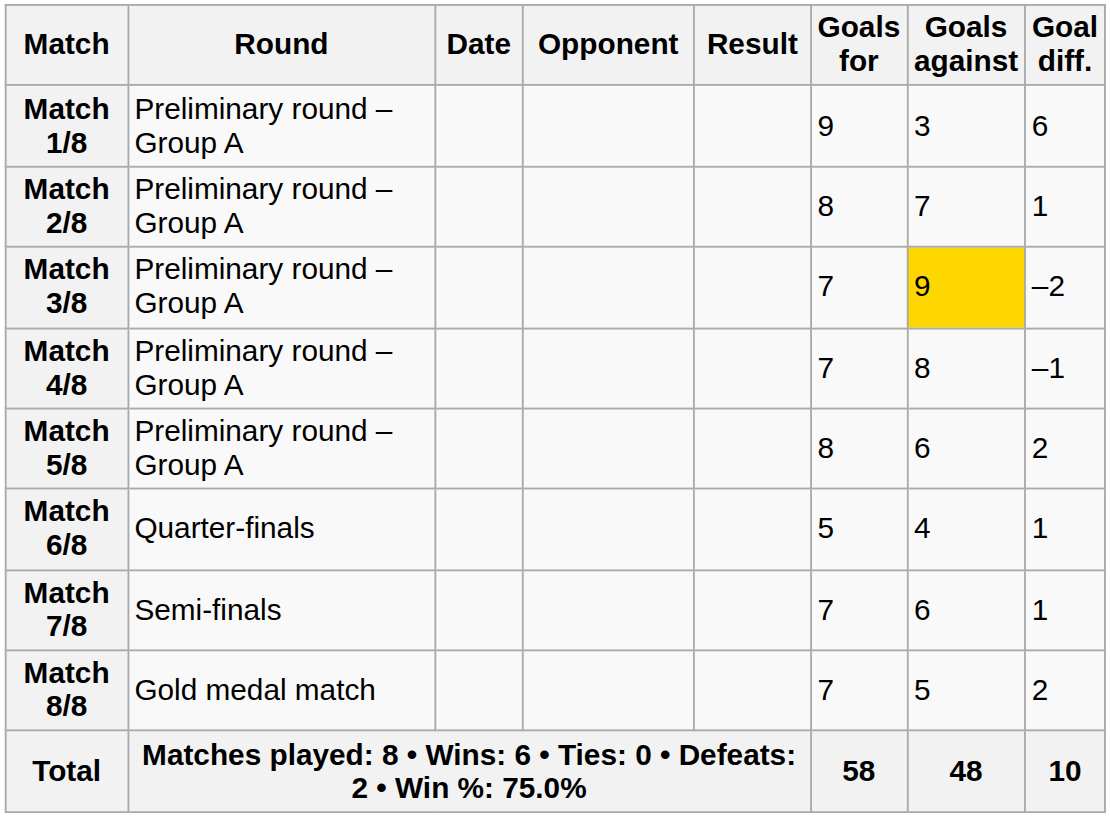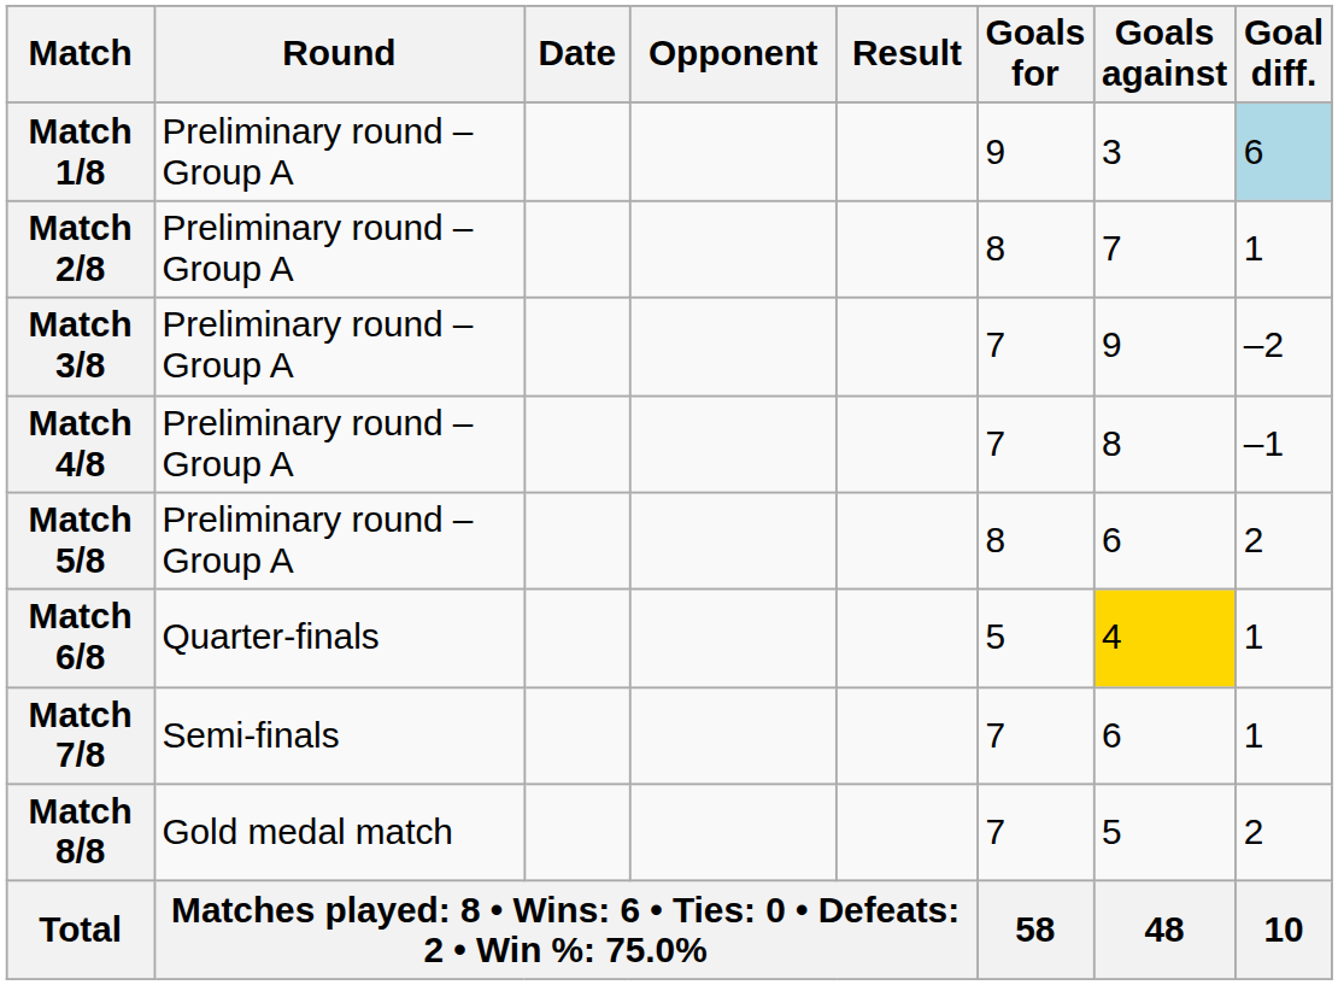 <table class="wikitable sortable sticky-header defaultcenter col3right col4left" style="font-size: 100%; margin-left: 1em;">
 <tr>
 <th scope="col">Match</th>
 <th scope="col">Round</th>
 <th scope="col">Date</th>
 <th scope="col">Opponent</th>
 <th scope="col">Result</th>
 <th scope="col">Goals<br>for</th>
 <th scope="col">Goals<br>against</th>
 <th scope="col">Goal<br>diff.</th>
 </tr>
 <tr>
 <th scope="row">Match 1/8</th>
 <td>Preliminary round – Group A</td>
 <td></td>
 <td></td>
 <td></td>
 <td>9</td>
 <td>3</td>
-<td>6</td>
+<td style="background: lightblue;">6</td>
 </tr>
 <tr>
 <th scope="row">Match 2/8</th>
 <td>Preliminary round – Group A</td>
 <td></td>
 <td></td>
 <td></td>
 <td>8</td>
 <td>7</td>
 <td>1</td>
 </tr>
 <tr>
 <th scope="row">Match 3/8</th>
 <td>Preliminary round – Group A</td>
 <td></td>
 <td data-sort-value="Yugoslavia, FR"></td>
 <td></td>
 <td>7</td>
-<td style="background: gold;">9</td>
+<td>9</td>
 <td>–2</td>
 </tr>
 <tr>
 <th scope="row">Match 4/8</th>
 <td>Preliminary round – Group A</td>
 <td></td>
 <td></td>
 <td></td>
 <td>7</td>
 <td>8</td>
 <td>–1</td>
 </tr>
 <tr>
 <th scope="row">Match 5/8</th>
 <td>Preliminary round – Group A</td>
 <td></td>
 <td></td>
 <td></td>
 <td>8</td>
 <td>6</td>
 <td>2</td>
 </tr>
 <tr>
 <th scope="row">Match 6/8</th>
 <td>Quarter-finals</td>
 <td></td>
 <td></td>
 <td></td>
 <td>5</td>
-<td>4</td>
+<td style="background: gold;">4</td>
 <td>1</td>
 </tr>
 <tr>
 <th scope="row">Match 7/8</th>
 <td>Semi-finals</td>
 <td></td>
 <td></td>
 <td></td>
 <td>7</td>
 <td>6</td>
 <td>1</td>
 </tr>
 <tr>
 <th scope="row">Match 8/8</th>
 <td>Gold medal match</td>
 <td></td>
 <td></td>
 <td></td>
 <td>7</td>
 <td>5</td>
 <td>2</td>
 </tr>
 <tr class="sortbottom">
 <th>Total</th>
 <th colspan="4">Matches played: 8 • Wins: 6 • Ties: 0 • Defeats: 2 • Win %: 75.0%</th>
 <th>58</th>
 <th>48</th>
 <th>10</th>
 </tr>
 </table>
